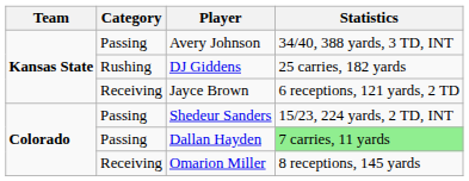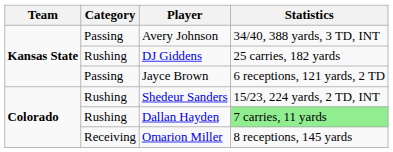 <table class="wikitable" style="float: right;">
 <tr>
 <th>Team</th>
 <th>Category</th>
 <th>Player</th>
 <th>Statistics</th>
 </tr>
 <tr>
 <td rowspan=3><strong>Kansas State</strong></td>
 <td>Passing</td>
 <td>Avery Johnson</td>
 <td>34/40, 388 yards, 3 TD, INT</td>
 </tr>
 <tr>
 <td>Rushing</td>
 <td><a href='#'>DJ Giddens</a></td>
 <td>25 carries, 182 yards</td>
 </tr>
 <tr>
-<td>Receiving</td>
+<td>Passing</td>
 <td>Jayce Brown</td>
 <td>6 receptions, 121 yards, 2 TD</td>
 </tr>
 <tr>
 <td rowspan=3><strong>Colorado</strong></td>
-<td>Passing</td>
+<td>Rushing</td>
 <td><a href='#'>Shedeur Sanders</a></td>
 <td>15/23, 224 yards, 2 TD, INT</td>
 </tr>
 <tr>
-<td>Passing</td>
+<td>Rushing</td>
 <td><a href='#'>Dallan Hayden</a></td>
 <td style="background: lightgreen;">7 carries, 11 yards</td>
 </tr>
 <tr>
 <td>Receiving</td>
 <td><a href='#'>Omarion Miller</a></td>
 <td>8 receptions, 145 yards</td>
 </tr>
 </table>
